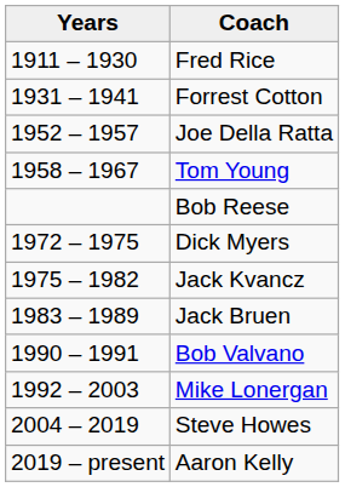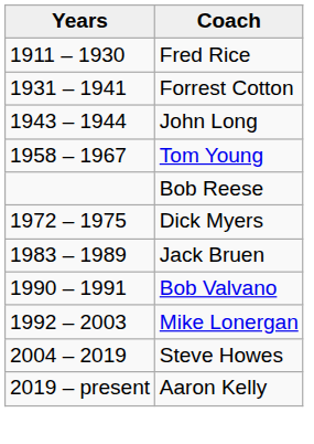 <table class="wikitable">
 <tr>
 <th style="background:#efefef; width=100px">Years</th>
 <th style="background:#efefef; width=100px">Coach</th>
 </tr>
 <tr>
 <td>1911 – 1930</td>
 <td>Fred Rice</td>
 </tr>
 <tr>
 <td>1931 – 1941</td>
 <td>Forrest Cotton</td>
 </tr>
 <tr>
-<td>1952 – 1957</td>
-<td>Joe Della Ratta</td>
+<td>1943 – 1944</td>
+<td>John Long</td>
 </tr>
 <tr>
 <td>1958 – 1967</td>
 <td><a href='#'>Tom Young</a></td>
 </tr>
 <tr>
 <td></td>
 <td>Bob Reese</td>
 </tr>
 <tr>
 <td>1972 – 1975</td>
 <td>Dick Myers</td>
-</tr>
-<tr>
-<td>1975 – 1982</td>
-<td>Jack Kvancz</td>
 </tr>
 <tr>
 <td>1983 – 1989</td>
 <td>Jack Bruen</td>
 </tr>
 <tr>
 <td>1990 – 1991</td>
 <td><a href='#'>Bob Valvano</a></td>
 </tr>
 <tr>
 <td>1992 – 2003</td>
 <td><a href='#'>Mike Lonergan</a></td>
 </tr>
 <tr>
 <td>2004 – 2019</td>
 <td>Steve Howes</td>
 </tr>
 <tr>
 <td>2019 – present</td>
 <td>Aaron Kelly</td>
 </tr>
 </table>
